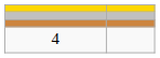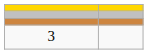 <table class="wikitable" style="width:150px;">
 <tr style="background:gold;">
 <td align=center></td>
 <td></td>
 </tr>
 <tr style="background:silver;">
 <td align=center></td>
 <td></td>
 </tr>
 <tr style="background:peru;">
 <td align=center></td>
 <td></td>
 </tr>
 <tr>
-<td align=center>4</td>
+<td align=center>3</td>
 <td></td>
 </tr>
 </table>
